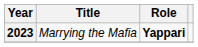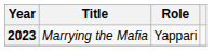 <table class="wikitable sortable plainrowheaders">
 <tr>
 <th scope="col">Year</th>
 <th scope="col">Title</th>
 <th scope="col">Role</th>
 <th scope="col" class="unsortable"></th>
 </tr>
 <tr>
 <th scope="row">2023</th>
 <td><em>Marrying the Mafia</em></td>
-<td><strong>Yappari</strong></td>
+<td>Yappari</td>
 <td style="text-align:center"></td>
 </tr>
 <tr>
 </tr>
 </table>
